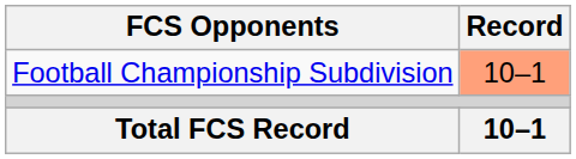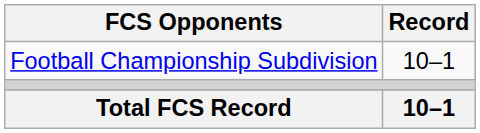 <table class="wikitable">
 <tr>
 <th>FCS Opponents</th>
 <th>Record</th>
 </tr>
 <tr>
 <td><a href='#'>Football Championship Subdivision</a></td>
-<td align=center style="background: lightsalmon;">10–1</td>
+<td align=center>10–1</td>
 </tr>
 <tr>
 <th colspan="2" style="background:lightgrey;"></th>
 </tr>
 <tr>
 <th>Total FCS Record</th>
 <th>10–1</th>
 </tr>
 </table>
